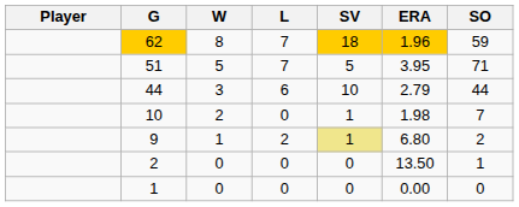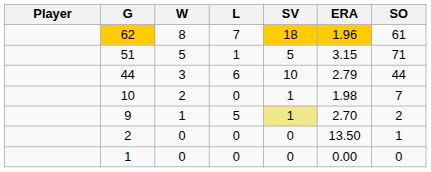 <table class="wikitable sortable">
 <tr>
 <th bgcolor="#DDDDFF" width="16%">Player</th>
 <th bgcolor="#DDDDFF" width="9%">G</th>
 <th bgcolor="#DDDDFF" width="9%">W</th>
 <th bgcolor="#DDDDFF" width="9%">L</th>
 <th bgcolor="#DDDDFF" width="9%">SV</th>
 <th bgcolor="#DDDDFF" width="9%">ERA</th>
 <th bgcolor="#DDDDFF" width="9%">SO</th>
 </tr>
 <tr align="center">
 <td></td>
 <td style="background:#fc0;">62</td>
 <td>8</td>
 <td>7</td>
 <td style="background:#fc0;">18</td>
 <td style="background:#fc0;">1.96</td>
-<td>59</td>
+<td>61</td>
 </tr>
 <tr align="center">
 <td></td>
 <td>51</td>
 <td>5</td>
-<td>7</td>
+<td>1</td>
 <td>5</td>
-<td>3.95</td>
+<td>3.15</td>
 <td>71</td>
 </tr>
 <tr align="center">
 <td></td>
 <td>44</td>
 <td>3</td>
 <td>6</td>
 <td>10</td>
 <td>2.79</td>
 <td>44</td>
 </tr>
 <tr align="center">
 <td></td>
 <td>10</td>
 <td>2</td>
 <td>0</td>
 <td>1</td>
 <td>1.98</td>
 <td>7</td>
 </tr>
 <tr align="center">
 <td></td>
 <td>9</td>
 <td>1</td>
-<td>2</td>
+<td>5</td>
 <td style="background: khaki;">1</td>
-<td>6.80</td>
+<td>2.70</td>
 <td>2</td>
 </tr>
 <tr align="center">
 <td></td>
 <td>2</td>
 <td>0</td>
 <td>0</td>
 <td>0</td>
 <td>13.50</td>
 <td>1</td>
 </tr>
 <tr align="center">
 <td></td>
 <td>1</td>
 <td>0</td>
 <td>0</td>
 <td>0</td>
 <td>0.00</td>
 <td>0</td>
 </tr>
 </table>
